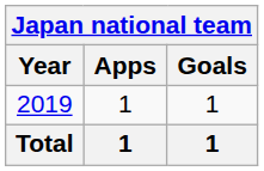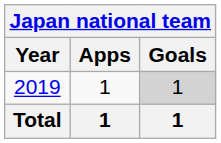 <table class="wikitable" style="text-align:center">
 <tr>
 <th colspan="3"><a href='#'>Japan national team</a></th>
 </tr>
 <tr>
 <th>Year</th>
 <th>Apps</th>
 <th>Goals</th>
 </tr>
 <tr>
 <td><a href='#'>2019</a></td>
 <td>1</td>
-<td>1</td>
+<td style="background: lightgrey;">1</td>
 </tr>
 <tr>
 <th>Total</th>
 <th>1</th>
 <th>1</th>
 </tr>
 </table>
